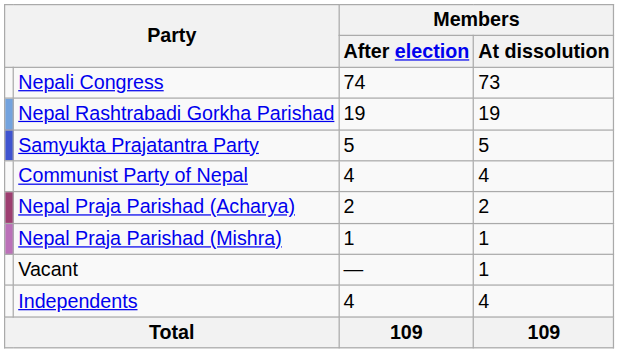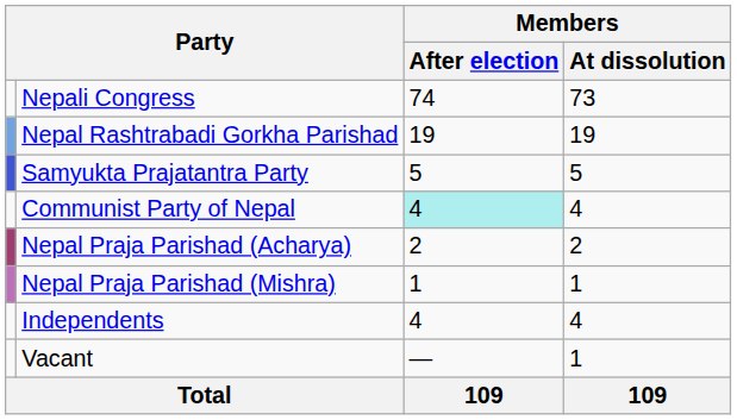 <table class="wikitable">
 <tr>
 <th colspan="2" rowspan="2">Party</th>
 <th colspan="2">Members</th>
 </tr>
 <tr>
 <th>After <a href='#'>election</a></th>
 <th>At dissolution</th>
 </tr>
 <tr>
 <td></td>
 <td><a href='#'>Nepali Congress</a></td>
 <td>74</td>
 <td>73</td>
 </tr>
 <tr>
 <td bgcolor="#73a3de"></td>
 <td><a href='#'>Nepal Rashtrabadi Gorkha Parishad</a></td>
 <td>19</td>
 <td>19</td>
 </tr>
 <tr>
 <td bgcolor="#3f54d"></td>
 <td><a href='#'>Samyukta Prajatantra Party</a></td>
 <td>5</td>
 <td>5</td>
 </tr>
 <tr>
 <td></td>
 <td><a href='#'>Communist Party of Nepal</a></td>
-<td>4</td>
+<td style="background: paleturquoise;">4</td>
 <td>4</td>
 </tr>
 <tr>
 <td bgcolor="#9d3e7"></td>
 <td><a href='#'>Nepal Praja Parishad (Acharya)</a></td>
 <td>2</td>
 <td>2</td>
 </tr>
 <tr>
 <td bgcolor="#bb70b8"></td>
 <td><a href='#'>Nepal Praja Parishad (Mishra)</a></td>
 <td>1</td>
 <td>1</td>
 </tr>
 <tr>
 <td></td>
+<td><a href='#'>Independents</a></td>
+<td>4</td>
+<td>4</td>
+</tr>
+<tr>
+<td></td>
 <td>Vacant</td>
 <td>—</td>
 <td>1</td>
-</tr>
-<tr>
-<td></td>
-<td><a href='#'>Independents</a></td>
-<td>4</td>
-<td>4</td>
 </tr>
 <tr>
 <th colspan="2">Total</th>
 <th>109</th>
 <th>109</th>
 </tr>
 </table>
